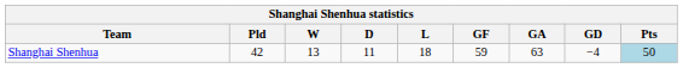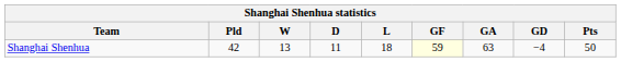 <table width=70% class="wikitable" style="text-align:">
 <tr>
 <th colspan=9>Shanghai Shenhua statistics</th>
 </tr>
 <tr>
 <th width=20%>Team</th>
 <th width=5%>Pld</th>
 <th width=5%>W</th>
 <th width=5%>D</th>
 <th width=5%>L</th>
 <th width=5%>GF</th>
 <th width=5%>GA</th>
 <th width=5%>GD</th>
 <th width=5%>Pts</th>
 </tr>
 <tr align=center>
 <td align=left> <a href='#'>Shanghai Shenhua</a></td>
 <td>42</td>
 <td>13</td>
 <td>11</td>
 <td>18</td>
-<td>59</td>
+<td style="background: lightyellow;">59</td>
 <td>63</td>
 <td>−4</td>
-<td style="background: lightblue;">50</td>
+<td>50</td>
 </tr>
 </table>
